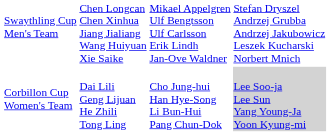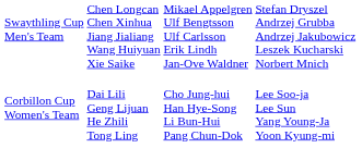 <table>
 <tr>
 <td><a href='#'>Swaythling Cup<br>Men's Team</a></td>
 <td><br><a href='#'>Chen Longcan</a><br><a href='#'>Chen Xinhua</a><br><a href='#'>Jiang Jialiang</a><br><a href='#'>Wang Huiyuan</a><br><a href='#'>Xie Saike</a></td>
 <td><br><a href='#'>Mikael Appelgren</a><br><a href='#'>Ulf Bengtsson</a><br><a href='#'>Ulf Carlsson</a><br><a href='#'>Erik Lindh</a><br><a href='#'>Jan-Ove Waldner</a></td>
 <td><br><a href='#'>Stefan Dryszel</a><br><a href='#'>Andrzej Grubba</a><br><a href='#'>Andrzej Jakubowicz</a><br><a href='#'>Leszek Kucharski</a><br><a href='#'>Norbert Mnich</a></td>
 </tr>
 <tr>
 <td><a href='#'>Corbillon Cup<br>Women's Team</a></td>
 <td><br><a href='#'>Dai Lili</a><br><a href='#'>Geng Lijuan</a><br><a href='#'>He Zhili</a><br><a href='#'>Tong Ling</a></td>
 <td><br><a href='#'>Cho Jung-hui</a><br><a href='#'>Han Hye-Song</a><br><a href='#'>Li Bun-Hui</a><br><a href='#'>Pang Chun-Dok</a></td>
-<td style="background: lightgrey;"><br><a href='#'>Lee Soo-ja</a><br><a href='#'>Lee Sun</a><br><a href='#'>Yang Young-Ja</a><br><a href='#'>Yoon Kyung-mi</a></td>
+<td><br><a href='#'>Lee Soo-ja</a><br><a href='#'>Lee Sun</a><br><a href='#'>Yang Young-Ja</a><br><a href='#'>Yoon Kyung-mi</a></td>
 </tr>
 </table>
